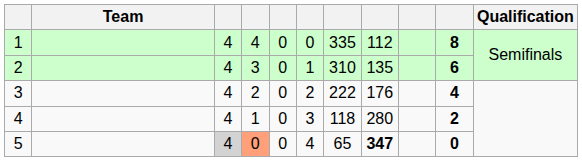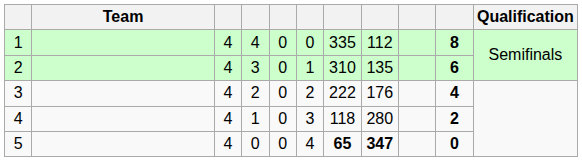 <table class=wikitable style="text-align:center">
 <tr>
 <th width=20 abbr=Position></th>
 <th width=175>Team</th>
 <th width=20 abbr=Played></th>
 <th width=20 abbr=Won></th>
 <th width=20 abbr=Drawn></th>
 <th width=20 abbr=Lost></th>
 <th width=30 abbr=Goal For></th>
 <th width=30 abbr=Goal Against></th>
 <th width=30 abbr=Percentage></th>
 <th width=30 abbr=Points></th>
 <th width=55 abbr=>Qualification</th>
 </tr>
 <tr bgcolor=#CCFFCC>
 <td>1</td>
 <td align=left></td>
 <td>4</td>
 <td>4</td>
 <td>0</td>
 <td>0</td>
 <td>335</td>
 <td>112</td>
 <td></td>
 <td><strong>8</strong></td>
 <td rowspan=2>Semifinals</td>
 </tr>
 <tr bgcolor=#CCFFCC>
 <td>2</td>
 <td align=left></td>
 <td>4</td>
 <td>3</td>
 <td>0</td>
 <td>1</td>
 <td>310</td>
 <td>135</td>
 <td></td>
 <td><strong>6</strong></td>
 </tr>
 <tr>
 <td>3</td>
 <td align=left></td>
 <td>4</td>
 <td>2</td>
 <td>0</td>
 <td>2</td>
 <td>222</td>
 <td>176</td>
 <td></td>
 <td><strong>4</strong></td>
 </tr>
 <tr>
 <td>4</td>
 <td align=left></td>
 <td>4</td>
 <td>1</td>
 <td>0</td>
 <td>3</td>
 <td>118</td>
 <td>280</td>
 <td></td>
 <td><strong>2</strong></td>
 </tr>
 <tr>
 <td>5</td>
 <td align=left></td>
-<td style="background: lightgrey;">4</td>
-<td style="background: lightsalmon;">0</td>
+<td>4</td>
+<td>0</td>
 <td>0</td>
 <td>4</td>
-<td>65</td>
+<td><strong>65</strong></td>
 <td><strong>347</strong></td>
 <td></td>
 <td><strong>0</strong></td>
 </tr>
 </table>
